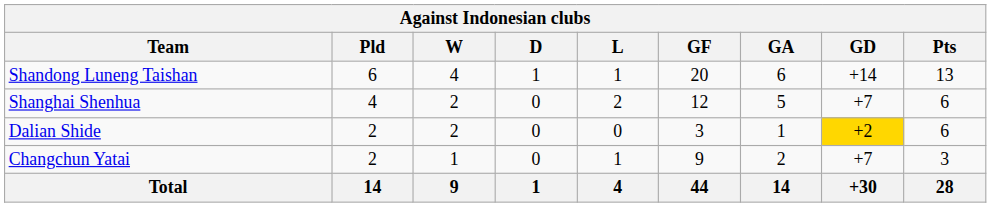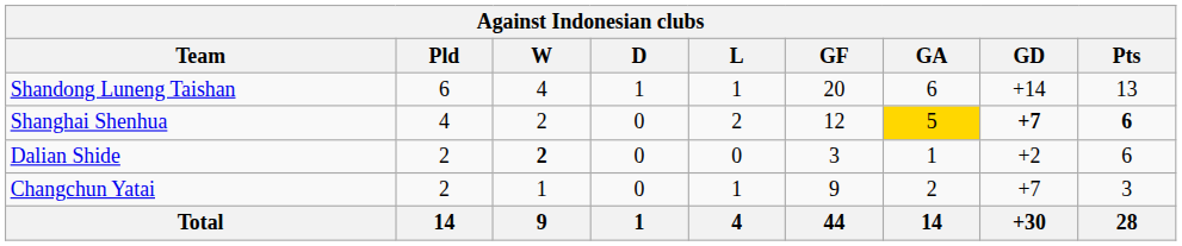 <table width=70% class="wikitable" style="text-align:center">
 <tr>
 <th colspan=9>Against Indonesian clubs</th>
 </tr>
 <tr>
 <th width=20%>Team</th>
 <th width=5%>Pld</th>
 <th width=5%>W</th>
 <th width=5%>D</th>
 <th width=5%>L</th>
 <th width=5%>GF</th>
 <th width=5%>GA</th>
 <th width=5%>GD</th>
 <th width=5%>Pts</th>
 </tr>
 <tr>
 <td align=left> <a href='#'>Shandong Luneng Taishan</a></td>
 <td>6</td>
 <td>4</td>
 <td>1</td>
 <td>1</td>
 <td>20</td>
 <td>6</td>
 <td>+14</td>
 <td>13</td>
 </tr>
 <tr>
 <td align=left> <a href='#'>Shanghai Shenhua</a></td>
 <td>4</td>
 <td>2</td>
 <td>0</td>
 <td>2</td>
 <td>12</td>
-<td>5</td>
-<td>+7</td>
-<td>6</td>
+<td style="background: gold;">5</td>
+<td><strong>+7</strong></td>
+<td><strong>6</strong></td>
 </tr>
 <tr>
 <td align=left> <a href='#'>Dalian Shide</a></td>
 <td>2</td>
-<td>2</td>
+<td><strong>2</strong></td>
 <td>0</td>
 <td>0</td>
 <td>3</td>
 <td>1</td>
-<td style="background: gold;">+2</td>
+<td>+2</td>
 <td>6</td>
 </tr>
 <tr>
 <td align=left> <a href='#'>Changchun Yatai</a></td>
 <td>2</td>
 <td>1</td>
 <td>0</td>
 <td>1</td>
 <td>9</td>
 <td>2</td>
 <td>+7</td>
 <td>3</td>
 </tr>
 <tr>
 <th>Total</th>
 <th>14</th>
 <th>9</th>
 <th>1</th>
 <th>4</th>
 <th>44</th>
 <th>14</th>
 <th>+30</th>
 <th>28</th>
 </tr>
 </table>
